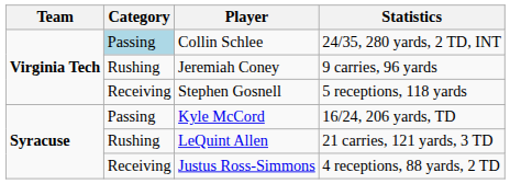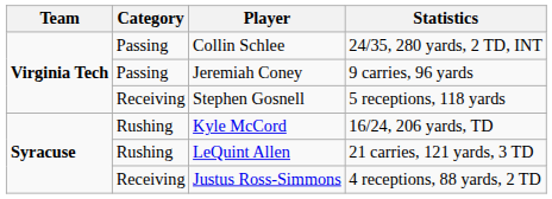 <table class="wikitable" style="float: right;">
 <tr>
 <th>Team</th>
 <th>Category</th>
 <th>Player</th>
 <th>Statistics</th>
 </tr>
 <tr>
 <td rowspan=3><strong>Virginia Tech</strong></td>
-<td style="background: lightblue;">Passing</td>
+<td>Passing</td>
 <td>Collin Schlee</td>
 <td>24/35, 280 yards, 2 TD, INT</td>
 </tr>
 <tr>
-<td>Rushing</td>
+<td>Passing</td>
 <td>Jeremiah Coney</td>
 <td>9 carries, 96 yards</td>
 </tr>
 <tr>
 <td>Receiving</td>
 <td>Stephen Gosnell</td>
 <td>5 receptions, 118 yards</td>
 </tr>
 <tr>
 <td rowspan=3><strong>Syracuse</strong></td>
-<td>Passing</td>
+<td>Rushing</td>
 <td><a href='#'>Kyle McCord</a></td>
 <td>16/24, 206 yards, TD</td>
 </tr>
 <tr>
 <td>Rushing</td>
 <td><a href='#'>LeQuint Allen</a></td>
 <td>21 carries, 121 yards, 3 TD</td>
 </tr>
 <tr>
 <td>Receiving</td>
 <td><a href='#'>Justus Ross-Simmons</a></td>
 <td>4 receptions, 88 yards, 2 TD</td>
 </tr>
 </table>
